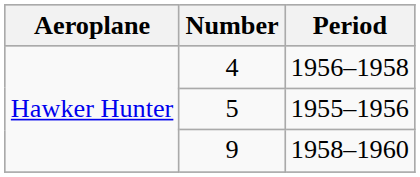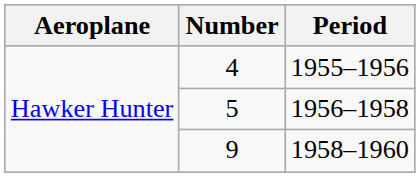 <table class="wikitable">
 <tr>
 <th>Aeroplane</th>
 <th>Number</th>
 <th>Period</th>
 </tr>
 <tr --->
 <td rowspan="3"><a href='#'>Hawker Hunter</a></td>
 <td align="center">4</td>
-<td align="center">1956–1958</td>
+<td align="center">1955–1956</td>
 </tr>
 <tr --->
 <td align="center">5</td>
-<td align="center">1955–1956</td>
+<td align="center">1956–1958</td>
 </tr>
 <tr --->
 <td align="center">9</td>
 <td align="center">1958–1960</td>
 </tr>
 </table>
